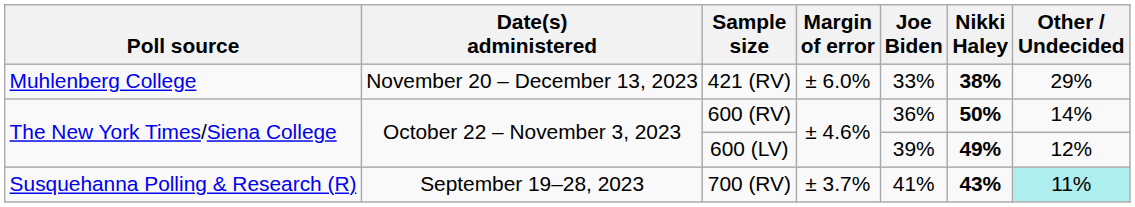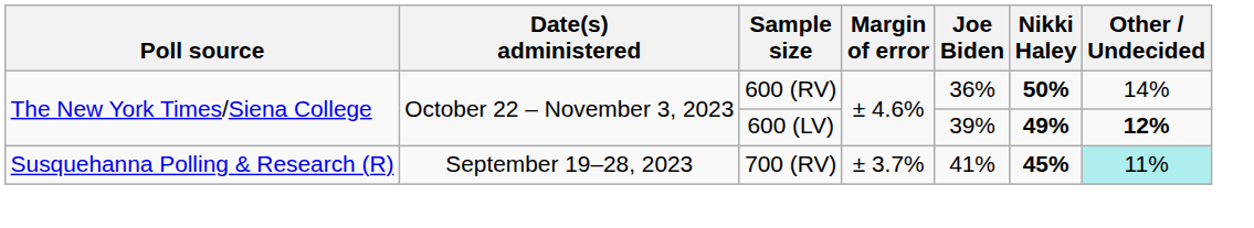 <table class="wikitable sortable mw-datatable" style="font-size:90%;text-align:center;line-height:17px">
 <tr valign=bottom>
 <th>Poll source</th>
 <th>Date(s)<br>administered</th>
 <th>Sample<br>size</th>
 <th>Margin<br>of error</th>
 <th class="unsortable">Joe<br>Biden<br></th>
 <th class="unsortable">Nikki<br>Haley<br></th>
 <th class="unsortable">Other /<br>Undecided</th>
-</tr>
-<tr>
-<td style="text-align:left;"><a href='#'>Muhlenberg College</a></td>
-<td data-sort-value="2023-12-19">November 20 – December 13, 2023</td>
-<td>421 (RV)</td>
-<td>± 6.0%</td>
-<td>33%</td>
-<td style="background-color:"><strong>38%</strong></td>
-<td>29%</td>
 </tr>
 <tr>
 <td style="text-align:left;" rowspan="2"><a href='#'>The New York Times</a>/<a href='#'>Siena College</a></td>
 <td rowspan="2">October 22 – November 3, 2023</td>
 <td>600 (RV)</td>
 <td rowspan="2">± 4.6%</td>
 <td>36%</td>
 <td style="background-color:"><strong>50%</strong></td>
 <td>14%</td>
 </tr>
 <tr>
 <td>600 (LV)</td>
 <td>39%</td>
 <td style="background-color:"><strong>49%</strong></td>
-<td>12%</td>
+<td><strong>12%</strong></td>
 </tr>
 <tr>
 <td style="text-align:left;"><a href='#'>Susquehanna Polling & Research (R)</a></td>
 <td data-sort-value="2023-09-28">September 19–28, 2023</td>
 <td>700 (RV)</td>
 <td>± 3.7%</td>
 <td>41%</td>
-<td style="background-color:"><strong>43%</strong></td>
+<td style="background-color:"><strong>45%</strong></td>
 <td style="background: paleturquoise;">11%</td>
 </tr>
 </table>
